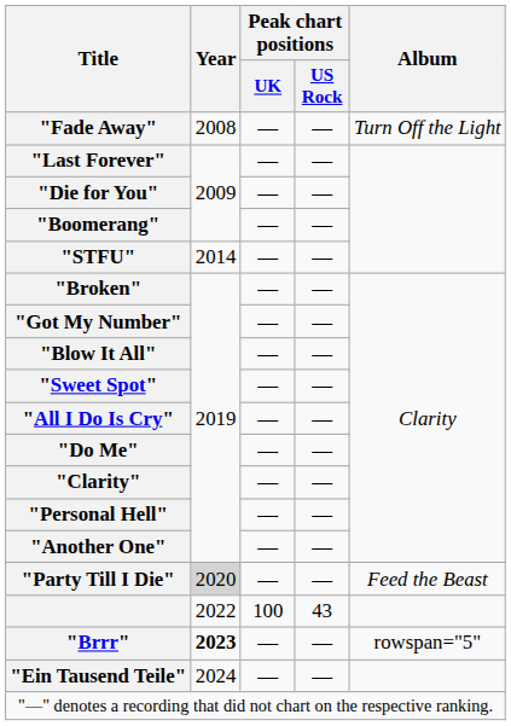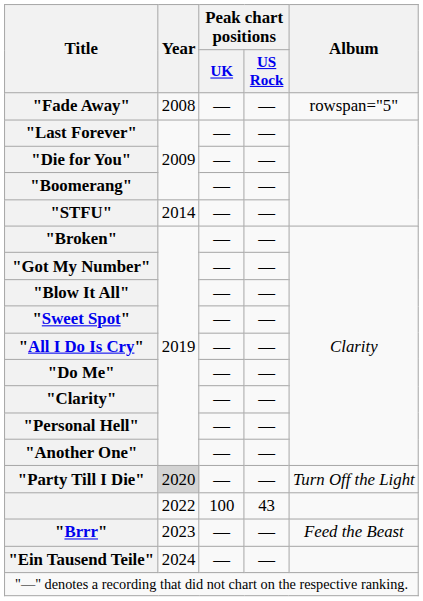 <table class="wikitable plainrowheaders" style="text-align:center;">
 <tr>
 <th scope="col" rowspan="2">Title</th>
 <th scope="col" rowspan="2">Year</th>
 <th colspan="2">Peak chart positions</th>
 <th scope="col" rowspan="2">Album</th>
 </tr>
 <tr>
 <th scope="col" style="width:2.5em;font-size:90%;"><a href='#'>UK</a><br></th>
 <th scope="col" style="width:2.5em;font-size:90%;"><a href='#'>US<br>Rock</a><br></th>
 </tr>
 <tr>
 <th scope="row">"Fade Away"</th>
 <td>2008</td>
 <td>—</td>
 <td>—</td>
-<td><em>Turn Off the Light</em></td>
+<td>rowspan="5" </td>
 </tr>
 <tr>
 <th scope="row">"Last Forever"</th>
 <td rowspan="3">2009</td>
 <td>—</td>
 <td>—</td>
 </tr>
 <tr>
 <th scope="row">"Die for You"</th>
 <td>—</td>
 <td>—</td>
 </tr>
 <tr>
 <th scope="row">"Boomerang"</th>
 <td>—</td>
 <td>—</td>
 </tr>
 <tr>
 <th scope="row">"STFU"</th>
 <td>2014</td>
 <td>—</td>
 <td>—</td>
 </tr>
 <tr>
 <th scope="row">"Broken"</th>
 <td rowspan="9">2019</td>
 <td>—</td>
 <td>—</td>
 <td rowspan="9"><em>Clarity</em></td>
 </tr>
 <tr>
 <th scope="row">"Got My Number"</th>
 <td>—</td>
 <td>—</td>
 </tr>
 <tr>
 <th scope="row">"Blow It All"</th>
 <td>—</td>
 <td>—</td>
 </tr>
 <tr>
 <th scope="row">"<a href='#'>Sweet Spot</a>"</th>
 <td>—</td>
 <td>—</td>
 </tr>
 <tr>
 <th scope="row">"<a href='#'>All I Do Is Cry</a>"</th>
 <td>—</td>
 <td>—</td>
 </tr>
 <tr>
 <th scope="row">"Do Me"</th>
 <td>—</td>
 <td>—</td>
 </tr>
 <tr>
 <th scope="row">"Clarity"</th>
 <td>—</td>
 <td>—</td>
 </tr>
 <tr>
 <th scope="row">"Personal Hell"</th>
 <td>—</td>
 <td>—</td>
 </tr>
 <tr>
 <th scope="row">"Another One"</th>
 <td>—</td>
 <td>—</td>
 </tr>
 <tr>
 <th scope="row">"Party Till I Die"</th>
 <td style="background: lightgrey;">2020</td>
 <td>—</td>
 <td>—</td>
-<td><em>Feed the Beast</em></td>
+<td><em>Turn Off the Light</em></td>
 </tr>
 <tr>
 <th scope="row"></th>
 <td>2022</td>
 <td>100</td>
 <td>43</td>
 <td></td>
 </tr>
 <tr>
 <th scope="row">"<a href='#'>Brrr</a>"</th>
-<td><strong>2023</strong></td>
+<td>2023</td>
 <td>—</td>
 <td>—</td>
-<td>rowspan="5" </td>
+<td><em>Feed the Beast</em></td>
 </tr>
 <tr>
 <th scope="row">"Ein Tausend Teile"</th>
 <td>2024</td>
 <td>—</td>
 <td>—</td>
 <td></td>
 </tr>
 <tr>
 <td colspan="10" style="font-size:85%">"—" denotes a recording that did not chart on the respective ranking.</td>
 </tr>
 </table>
